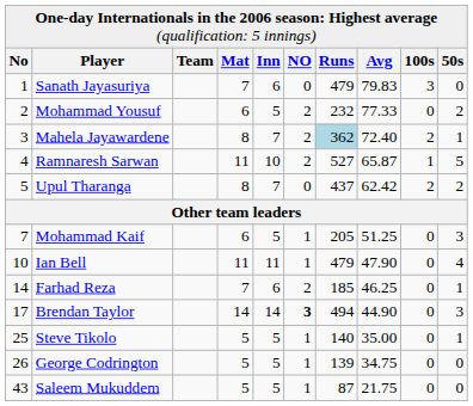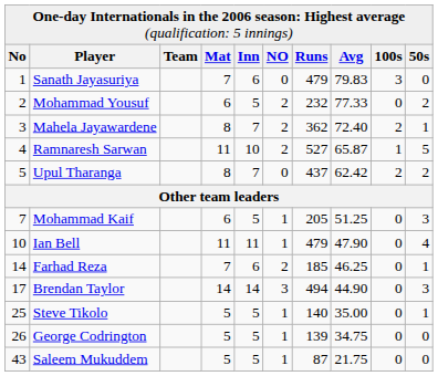 <table class="wikitable">
 <tr>
 <td style="background:#efefef; text-align:center;" colspan="10"><strong>One-day Internationals in the 2006 season: Highest average</strong><br><em>(qualification: 5 innings)</em></td>
 </tr>
 <tr>
 <th>No</th>
 <th>Player</th>
 <th>Team</th>
 <th><a href='#'>Mat</a></th>
 <th><a href='#'>Inn</a></th>
 <th><a href='#'>NO</a></th>
 <th><a href='#'>Runs</a></th>
 <th><a href='#'>Avg</a></th>
 <th>100s</th>
 <th>50s</th>
 </tr>
 <tr style="text-align:right;">
 <td>1</td>
 <td style="text-align:left;"><a href='#'>Sanath Jayasuriya</a></td>
 <td style="text-align:left;"></td>
 <td>7</td>
 <td>6</td>
 <td>0</td>
 <td>479</td>
 <td>79.83</td>
 <td>3</td>
 <td>0</td>
 </tr>
 <tr style="text-align:right;">
 <td>2</td>
 <td style="text-align:left;"><a href='#'>Mohammad Yousuf</a></td>
 <td style="text-align:left;"></td>
 <td>6</td>
 <td>5</td>
 <td>2</td>
 <td>232</td>
 <td>77.33</td>
 <td>0</td>
 <td>2</td>
 </tr>
 <tr style="text-align:right;">
 <td>3</td>
 <td style="text-align:left;"><a href='#'>Mahela Jayawardene</a></td>
 <td style="text-align:left;"></td>
 <td>8</td>
 <td>7</td>
 <td>2</td>
-<td style="background: lightblue;">362</td>
+<td>362</td>
 <td>72.40</td>
 <td>2</td>
 <td>1</td>
 </tr>
 <tr style="text-align:right;">
 <td>4</td>
 <td style="text-align:left;"><a href='#'>Ramnaresh Sarwan</a></td>
 <td style="text-align:left;"></td>
 <td>11</td>
 <td>10</td>
 <td>2</td>
 <td>527</td>
 <td>65.87</td>
 <td>1</td>
 <td>5</td>
 </tr>
 <tr style="text-align:right;">
 <td>5</td>
 <td style="text-align:left;"><a href='#'>Upul Tharanga</a></td>
 <td style="text-align:left;"></td>
 <td>8</td>
 <td>7</td>
 <td>0</td>
 <td>437</td>
 <td>62.42</td>
 <td>2</td>
 <td>2</td>
 </tr>
 <tr>
 <th colspan="10">Other team leaders</th>
 </tr>
 <tr style="text-align:right;">
 <td>7</td>
 <td style="text-align:left;"><a href='#'>Mohammad Kaif</a></td>
 <td style="text-align:left;"></td>
 <td>6</td>
 <td>5</td>
 <td>1</td>
 <td>205</td>
 <td>51.25</td>
 <td>0</td>
 <td>3</td>
 </tr>
 <tr style="text-align:right;">
 <td>10</td>
 <td style="text-align:left;"><a href='#'>Ian Bell</a></td>
 <td style="text-align:left;"></td>
 <td>11</td>
 <td>11</td>
 <td>1</td>
 <td>479</td>
 <td>47.90</td>
 <td>0</td>
 <td>4</td>
 </tr>
 <tr style="text-align:right;">
 <td>14</td>
 <td style="text-align:left;"><a href='#'>Farhad Reza</a></td>
 <td style="text-align:left;"></td>
 <td>7</td>
 <td>6</td>
 <td>2</td>
 <td>185</td>
 <td>46.25</td>
 <td>0</td>
 <td>1</td>
 </tr>
 <tr style="text-align:right;">
 <td>17</td>
 <td style="text-align:left;"><a href='#'>Brendan Taylor</a></td>
 <td style="text-align:left;"></td>
 <td>14</td>
 <td>14</td>
-<td><strong>3</strong></td>
+<td>3</td>
 <td>494</td>
 <td>44.90</td>
 <td>0</td>
 <td>3</td>
 </tr>
 <tr style="text-align:right;">
 <td>25</td>
 <td style="text-align:left;"><a href='#'>Steve Tikolo</a></td>
 <td style="text-align:left;"></td>
 <td>5</td>
 <td>5</td>
 <td>1</td>
 <td>140</td>
 <td>35.00</td>
 <td>0</td>
 <td>1</td>
 </tr>
 <tr style="text-align:right;">
 <td>26</td>
 <td style="text-align:left;"><a href='#'>George Codrington</a></td>
 <td style="text-align:left;"></td>
 <td>5</td>
 <td>5</td>
 <td>1</td>
 <td>139</td>
 <td>34.75</td>
 <td>0</td>
 <td>0</td>
 </tr>
 <tr style="text-align:right;">
 <td>43</td>
 <td style="text-align:left;"><a href='#'>Saleem Mukuddem</a></td>
 <td style="text-align:left;"></td>
 <td>5</td>
 <td>5</td>
 <td>1</td>
 <td>87</td>
 <td>21.75</td>
 <td>0</td>
 <td>0</td>
 </tr>
 </table>
